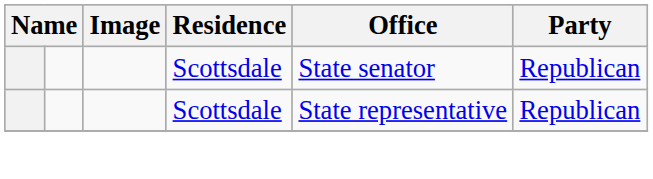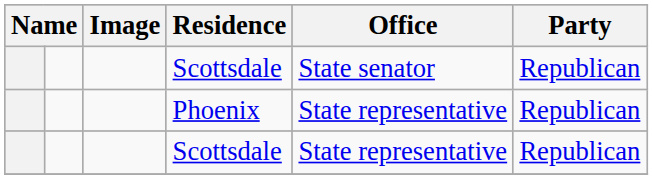 <table class="sortable wikitable">
 <tr valign=bottom>
 <th colspan="2">Name</th>
 <th>Image</th>
 <th>Residence</th>
 <th>Office</th>
 <th>Party</th>
 </tr>
 <tr>
 <th style="background-color:  "></th>
 <td></td>
 <td></td>
 <td><a href='#'>Scottsdale</a></td>
 <td><a href='#'>State senator</a></td>
 <td><a href='#'>Republican</a></td>
 </tr>
 <tr>
 <th style="background-color:  "></th>
 <td></td>
 <td></td>
+<td><a href='#'>Phoenix</a></td>
+<td><a href='#'>State representative</a></td>
+<td><a href='#'>Republican</a></td>
+</tr>
+<tr>
+<th style="background-color:  "></th>
+<td></td>
+<td></td>
 <td><a href='#'>Scottsdale</a></td>
 <td><a href='#'>State representative</a></td>
 <td><a href='#'>Republican</a></td>
 </tr>
 <tr>
 </tr>
 </table>
